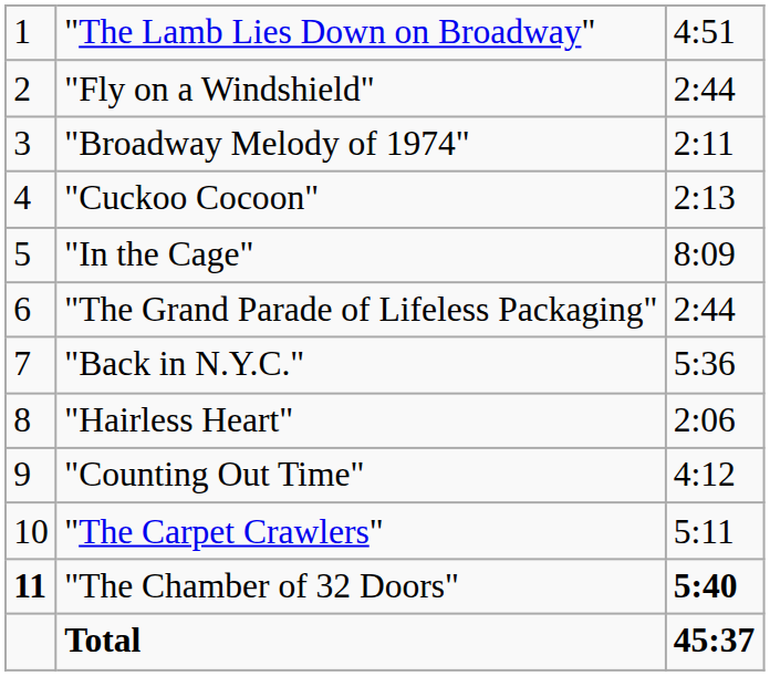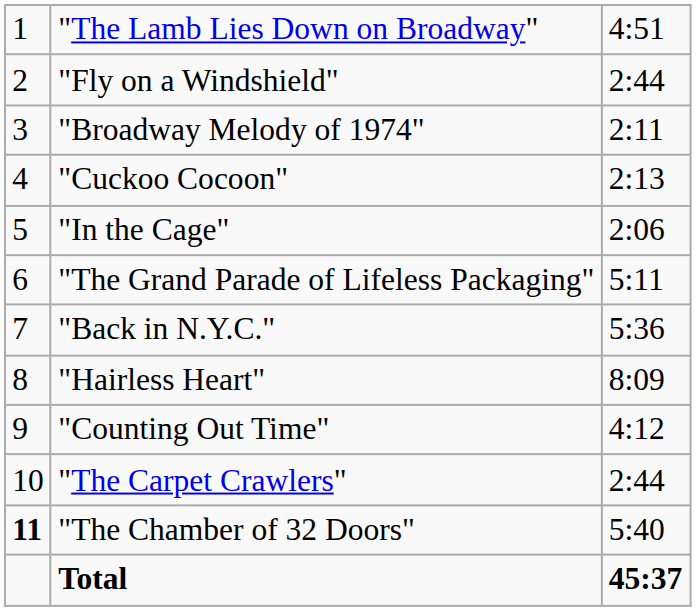 <table class="wikitable">
 <tr>
 <td>1</td>
 <td>"<a href='#'>The Lamb Lies Down on Broadway</a>"</td>
 <td>4:51</td>
 </tr>
 <tr>
 <td>2</td>
 <td>"Fly on a Windshield"</td>
 <td>2:44</td>
 </tr>
 <tr>
 <td>3</td>
 <td>"Broadway Melody of 1974"</td>
 <td>2:11</td>
 </tr>
 <tr>
 <td>4</td>
 <td>"Cuckoo Cocoon"</td>
 <td>2:13</td>
 </tr>
 <tr>
 <td>5</td>
 <td>"In the Cage"</td>
-<td>8:09</td>
+<td>2:06</td>
 </tr>
 <tr>
 <td>6</td>
 <td>"The Grand Parade of Lifeless Packaging"</td>
-<td>2:44</td>
+<td>5:11</td>
 </tr>
 <tr>
 <td>7</td>
 <td>"Back in N.Y.C."</td>
 <td>5:36</td>
 </tr>
 <tr>
 <td>8</td>
 <td>"Hairless Heart"</td>
-<td>2:06</td>
+<td>8:09</td>
 </tr>
 <tr>
 <td>9</td>
 <td>"Counting Out Time"</td>
 <td>4:12</td>
 </tr>
 <tr>
 <td>10</td>
 <td>"<a href='#'>The Carpet Crawlers</a>"</td>
-<td>5:11</td>
+<td>2:44</td>
 </tr>
 <tr>
 <td><strong>11</strong></td>
 <td>"The Chamber of 32 Doors"</td>
-<td><strong>5:40</strong></td>
+<td>5:40</td>
 </tr>
 <tr>
 <td></td>
 <td><strong>Total</strong></td>
 <td><strong>45:37</strong></td>
 </tr>
 </table>
